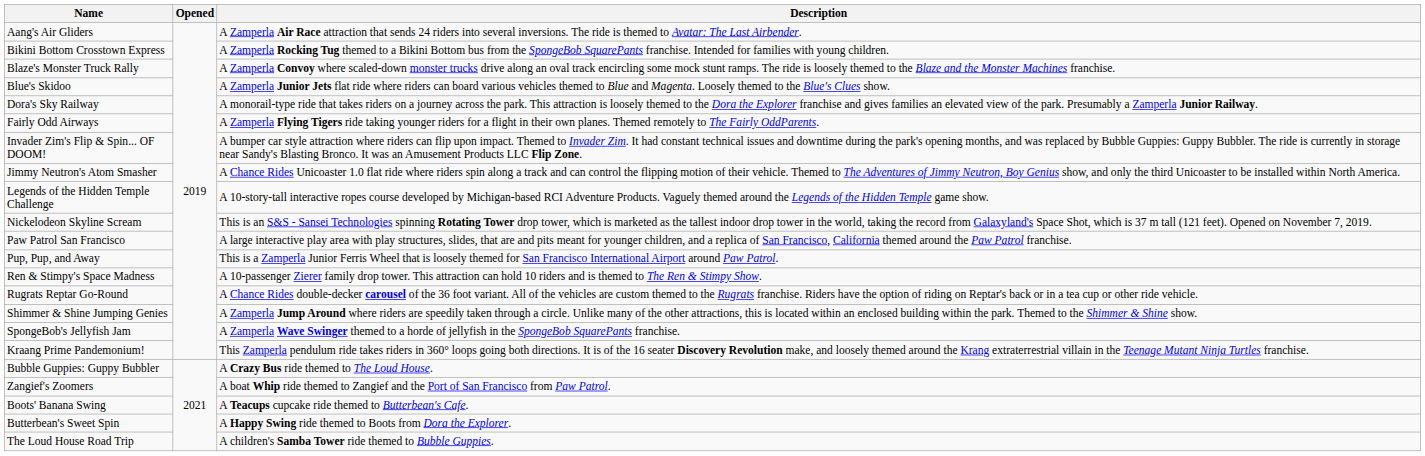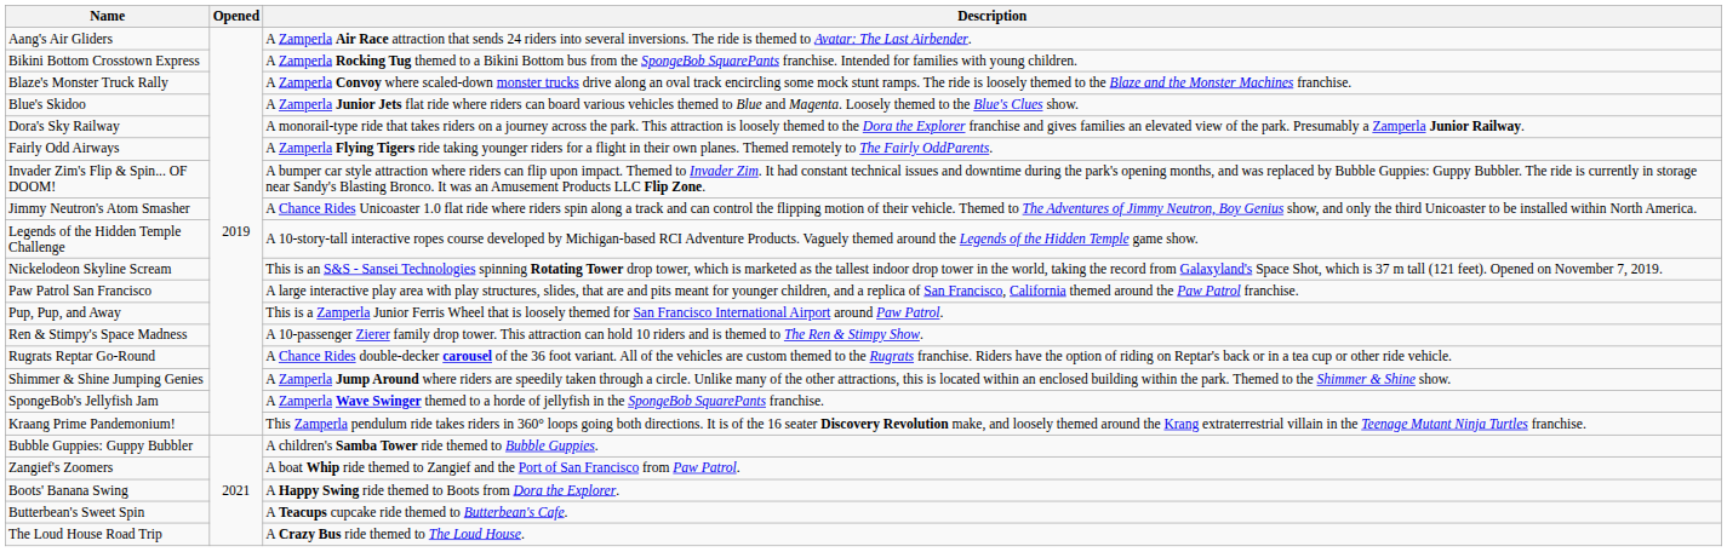 <table class="wikitable sortable">
 <tr>
 <th>Name</th>
 <th>Opened</th>
 <th>Description</th>
 </tr>
 <tr>
 <td>Aang's Air Gliders</td>
 <td rowspan="17" align=center>2019</td>
 <td>A <a href='#'>Zamperla</a> <strong>Air Race</strong> attraction that sends 24 riders into several inversions. The ride is themed to <em><a href='#'>Avatar: The Last Airbender</a></em>.</td>
 </tr>
 <tr>
 <td>Bikini Bottom Crosstown Express</td>
 <td>A <a href='#'>Zamperla</a> <strong>Rocking Tug</strong> themed to a Bikini Bottom bus from the <em><a href='#'>SpongeBob SquarePants</a></em> franchise. Intended for families with young children.</td>
 </tr>
 <tr>
 <td>Blaze's Monster Truck Rally</td>
 <td>A <a href='#'>Zamperla</a> <strong>Convoy</strong> where scaled-down <a href='#'>monster trucks</a> drive along an oval track encircling some mock stunt ramps. The ride is loosely themed to the <em><a href='#'>Blaze and the Monster Machines</a></em> franchise.</td>
 </tr>
 <tr>
 <td>Blue's Skidoo</td>
 <td>A <a href='#'>Zamperla</a> <strong>Junior Jets</strong> flat ride where riders can board various vehicles themed to <em>Blue</em> and <em>Magenta</em>. Loosely themed to the <em><a href='#'>Blue's Clues</a></em> show.</td>
 </tr>
 <tr>
 <td>Dora's Sky Railway</td>
 <td>A monorail-type ride that takes riders on a journey across the park. This attraction is loosely themed to the <em><a href='#'>Dora the Explorer</a></em> franchise and gives families an elevated view of the park. Presumably a <a href='#'>Zamperla</a> <strong>Junior Railway</strong>.</td>
 </tr>
 <tr>
 <td>Fairly Odd Airways</td>
 <td>A <a href='#'>Zamperla</a> <strong>Flying Tigers</strong> ride taking younger riders for a flight in their own planes. Themed remotely to <em><a href='#'>The Fairly OddParents</a></em>.</td>
 </tr>
 <tr>
 <td>Invader Zim's Flip & Spin... OF DOOM!</td>
 <td>A bumper car style attraction where riders can flip upon impact. Themed to <em><a href='#'>Invader Zim</a></em>. It had constant technical issues and downtime during the park's opening months, and was replaced by Bubble Guppies: Guppy Bubbler. The ride is currently in storage near Sandy's Blasting Bronco. It was an Amusement Products LLC <strong>Flip Zone</strong>.</td>
 </tr>
 <tr>
 <td>Jimmy Neutron's Atom Smasher</td>
 <td>A <a href='#'>Chance Rides</a> Unicoaster 1.0 flat ride where riders spin along a track and can control the flipping motion of their vehicle. Themed to <em><a href='#'>The Adventures of Jimmy Neutron, Boy Genius</a></em> show, and only the third Unicoaster to be installed within North America.</td>
 </tr>
 <tr>
 <td>Legends of the Hidden Temple Challenge</td>
 <td>A 10-story-tall interactive ropes course developed by Michigan-based RCI Adventure Products. Vaguely themed around the <em><a href='#'>Legends of the Hidden Temple</a></em> game show.</td>
 </tr>
 <tr>
 <td>Nickelodeon Skyline Scream</td>
 <td>This is an <a href='#'>S&S - Sansei Technologies</a> spinning <strong>Rotating Tower</strong> drop tower, which is marketed as the tallest indoor drop tower in the world, taking the record from <a href='#'>Galaxyland's</a> Space Shot, which is 37 m tall (121 feet). Opened on November 7, 2019.</td>
 </tr>
 <tr>
 <td>Paw Patrol San Francisco</td>
 <td>A large interactive play area with play structures, slides, that are and pits meant for younger children, and a replica of <a href='#'>San Francisco</a>, <a href='#'>California</a> themed around the <em><a href='#'>Paw Patrol</a></em> franchise.</td>
 </tr>
 <tr>
 <td>Pup, Pup, and Away</td>
 <td>This is a <a href='#'>Zamperla</a> Junior Ferris Wheel that is loosely themed for <a href='#'>San Francisco International Airport</a> around <em><a href='#'>Paw Patrol</a></em>.</td>
 </tr>
 <tr>
 <td>Ren & Stimpy's Space Madness</td>
 <td>A 10-passenger <a href='#'>Zierer</a> family drop tower. This attraction can hold 10 riders and is themed to <em><a href='#'>The Ren & Stimpy Show</a></em>.</td>
 </tr>
 <tr>
 <td>Rugrats Reptar Go-Round</td>
 <td>A <a href='#'>Chance Rides</a> double-decker <strong><a href='#'>carousel</a></strong> of the 36 foot variant. All of the vehicles are custom themed to the <em><a href='#'>Rugrats</a></em> franchise. Riders have the option of riding on Reptar's back or in a tea cup or other ride vehicle.</td>
 </tr>
 <tr>
 <td>Shimmer & Shine Jumping Genies</td>
 <td>A <a href='#'>Zamperla</a> <strong>Jump Around</strong> where riders are speedily taken through a circle. Unlike many of the other attractions, this is located within an enclosed building within the park. Themed to the <em><a href='#'>Shimmer & Shine</a></em> show.</td>
 </tr>
 <tr>
 <td>SpongeBob's Jellyfish Jam</td>
 <td>A <a href='#'>Zamperla</a> <strong><a href='#'>Wave Swinger</a></strong> themed to a horde of jellyfish in the <em><a href='#'>SpongeBob SquarePants</a></em> franchise.</td>
 </tr>
 <tr>
 <td>Kraang Prime Pandemonium!</td>
 <td>This <a href='#'>Zamperla</a> pendulum ride takes riders in 360° loops going both directions. It is of the 16 seater <strong>Discovery Revolution</strong> make, and loosely themed around the <a href='#'>Krang</a> extraterrestrial villain in the <em><a href='#'>Teenage Mutant Ninja Turtles</a></em> franchise.</td>
 </tr>
 <tr>
 <td>Bubble Guppies: Guppy Bubbler</td>
 <td rowspan="16" align="center">2021</td>
-<td>A <strong>Crazy Bus</strong> ride themed to <em><a href='#'>The Loud House</a></em>.</td>
+<td>A children's <strong>Samba Tower</strong> ride themed to <em><a href='#'>Bubble Guppies</a></em>.</td>
 </tr>
 <tr>
 <td>Zangief's Zoomers</td>
 <td>A boat <strong>Whip</strong> ride themed to Zangief and the <a href='#'>Port of San Francisco</a> from <em><a href='#'>Paw Patrol</a></em>.</td>
 </tr>
 <tr>
 <td>Boots' Banana Swing</td>
+<td>A <strong>Happy Swing</strong> ride themed to Boots from <em><a href='#'>Dora the Explorer</a></em>.</td>
+</tr>
+<tr>
+<td>Butterbean's Sweet Spin</td>
 <td>A <strong>Teacups</strong> cupcake ride themed to <em><a href='#'>Butterbean's Cafe</a></em>.</td>
 </tr>
 <tr>
-<td>Butterbean's Sweet Spin</td>
-<td>A <strong>Happy Swing</strong> ride themed to Boots from <em><a href='#'>Dora the Explorer</a></em>.</td>
-</tr>
-<tr>
 <td>The Loud House Road Trip</td>
-<td>A children's <strong>Samba Tower</strong> ride themed to <em><a href='#'>Bubble Guppies</a></em>.</td>
+<td>A <strong>Crazy Bus</strong> ride themed to <em><a href='#'>The Loud House</a></em>.</td>
 </tr>
 </table>
